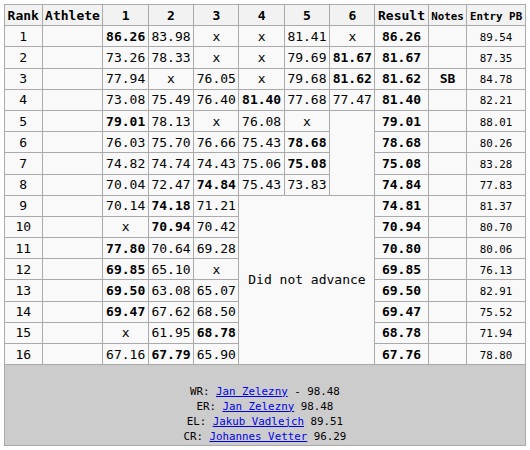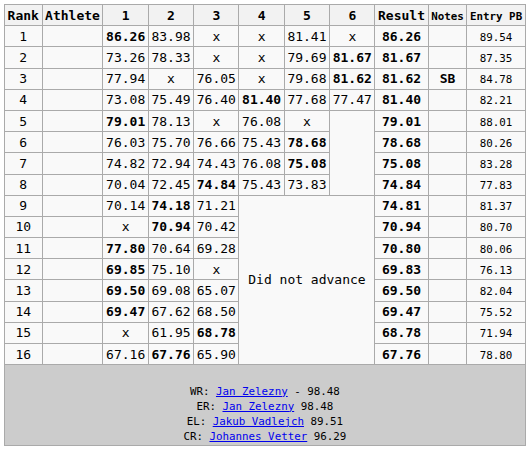 <table class="wikitable sortable" style="text-align:center;">
 <tr>
 <th>Rank</th>
 <th>Athlete</th>
 <th>1</th>
 <th>2</th>
 <th>3</th>
 <th>4</th>
 <th>5</th>
 <th>6</th>
 <th>Result</th>
 <th><small>Notes</small></th>
 <th><small>Entry PB</small></th>
 </tr>
 <tr>
 <td>1</td>
 <td align=left></td>
 <td><strong>86.26</strong></td>
 <td>83.98</td>
 <td>x</td>
 <td>x</td>
 <td>81.41</td>
 <td>x</td>
 <td><strong>86.26</strong></td>
 <td></td>
 <td><small>89.54</small></td>
 </tr>
 <tr>
 <td>2</td>
 <td align=left></td>
 <td>73.26</td>
 <td>78.33</td>
 <td>x</td>
 <td>x</td>
 <td>79.69</td>
 <td><strong>81.67</strong></td>
 <td><strong>81.67</strong></td>
 <td></td>
 <td><small>87.35</small></td>
 </tr>
 <tr>
 <td>3</td>
 <td align=left></td>
 <td>77.94</td>
 <td>x</td>
 <td>76.05</td>
 <td>x</td>
 <td>79.68</td>
 <td><strong>81.62</strong></td>
 <td><strong>81.62</strong></td>
 <td><strong>SB</strong></td>
 <td><small>84.78</small></td>
 </tr>
 <tr>
 <td>4</td>
 <td align=left></td>
 <td>73.08</td>
 <td>75.49</td>
 <td>76.40</td>
 <td><strong>81.40</strong></td>
 <td>77.68</td>
 <td>77.47</td>
 <td><strong>81.40</strong></td>
 <td></td>
 <td><small>82.21</small></td>
 </tr>
 <tr>
 <td>5</td>
 <td align=left></td>
 <td><strong>79.01</strong></td>
 <td>78.13</td>
 <td>x</td>
 <td>76.08</td>
 <td>x</td>
 <td rowspan=4></td>
 <td><strong>79.01</strong></td>
 <td></td>
 <td><small>88.01</small></td>
 </tr>
 <tr>
 <td>6</td>
 <td align=left></td>
 <td>76.03</td>
 <td>75.70</td>
 <td>76.66</td>
 <td>75.43</td>
 <td><strong>78.68</strong></td>
 <td><strong>78.68</strong></td>
 <td></td>
 <td><small>80.26</small></td>
 </tr>
 <tr>
 <td>7</td>
 <td align=left></td>
 <td>74.82</td>
-<td>74.74</td>
+<td>72.94</td>
 <td>74.43</td>
-<td>75.06</td>
+<td>76.08</td>
 <td><strong>75.08</strong></td>
 <td><strong>75.08</strong></td>
 <td></td>
 <td><small>83.28</small></td>
 </tr>
 <tr>
 <td>8</td>
 <td align=left></td>
 <td>70.04</td>
-<td>72.47</td>
+<td>72.45</td>
 <td><strong>74.84</strong></td>
 <td>75.43</td>
 <td>73.83</td>
 <td><strong>74.84</strong></td>
 <td></td>
 <td><small>77.83</small></td>
 </tr>
 <tr>
 <td>9</td>
 <td align=left></td>
 <td>70.14</td>
 <td><strong>74.18</strong></td>
 <td>71.21</td>
 <td rowspan=8 colspan=3>Did not advance</td>
 <td><strong>74.81</strong></td>
 <td></td>
 <td><small>81.37</small></td>
 </tr>
 <tr>
 <td>10</td>
 <td align=left></td>
 <td>x</td>
 <td><strong>70.94</strong></td>
 <td>70.42</td>
 <td><strong>70.94</strong></td>
 <td></td>
 <td><small>80.70</small></td>
 </tr>
 <tr>
 <td>11</td>
 <td align=left></td>
 <td><strong>77.80</strong></td>
 <td>70.64</td>
 <td>69.28</td>
 <td><strong>70.80</strong></td>
 <td></td>
 <td><small>80.06</small></td>
 </tr>
 <tr>
 <td>12</td>
 <td align=left></td>
 <td><strong>69.85</strong></td>
-<td>65.10</td>
+<td>75.10</td>
 <td>x</td>
-<td><strong>69.85</strong></td>
+<td><strong>69.83</strong></td>
 <td></td>
 <td><small>76.13</small></td>
 </tr>
 <tr>
 <td>13</td>
 <td align=left></td>
 <td><strong>69.50</strong></td>
-<td>63.08</td>
+<td>69.08</td>
 <td>65.07</td>
 <td><strong>69.50</strong></td>
 <td></td>
-<td><small>82.91</small></td>
+<td><small>82.04</small></td>
 </tr>
 <tr>
 <td>14</td>
 <td align=left></td>
 <td><strong>69.47</strong></td>
 <td>67.62</td>
 <td>68.50</td>
 <td><strong>69.47</strong></td>
 <td></td>
 <td><small>75.52</small></td>
 </tr>
 <tr>
 <td>15</td>
 <td align=left></td>
 <td>x</td>
 <td>61.95</td>
 <td><strong>68.78</strong></td>
 <td><strong>68.78</strong></td>
 <td></td>
 <td><small>71.94</small></td>
 </tr>
 <tr>
 <td>16</td>
 <td align=left></td>
 <td>67.16</td>
-<td><strong>67.79</strong></td>
+<td><strong>67.76</strong></td>
 <td>65.90</td>
 <td><strong>67.76</strong></td>
 <td></td>
 <td><small>78.80</small></td>
 </tr>
 <tr class="sortbottom">
 <td colspan="11" bgcolor="#cccccc"><br> <small>WR:   <a href='#'>Jan Zelezny</a> - 98.48<br>ER:  <a href='#'>Jan Zelezny</a> 98.48<br></small> <small>EL:   <a href='#'>Jakub Vadlejch</a> 89.51<br>CR:  <a href='#'>Johannes Vetter</a> 96.29</small></td>
 </tr>
 </table>
